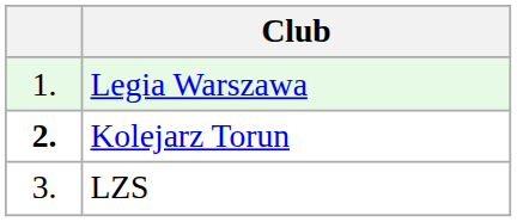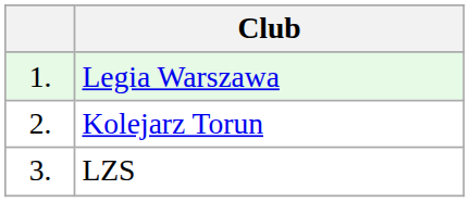 <table class="wikitable">
 <tr>
 <th width="30"></th>
 <th width="200">Club</th>
 </tr>
 <tr bgcolor="#e6fae6" align="center">
 <td>1.</td>
 <td align="left"><a href='#'>Legia Warszawa</a></td>
 </tr>
 <tr bgcolor="#FFFFFF" align="center">
-<td><strong>2.</strong></td>
+<td>2.</td>
 <td align="left"><a href='#'>Kolejarz Torun</a></td>
 </tr>
 <tr bgcolor="#FFFFFF" align="center">
 <td>3.</td>
 <td align="left">LZS</td>
 </tr>
 </table>
